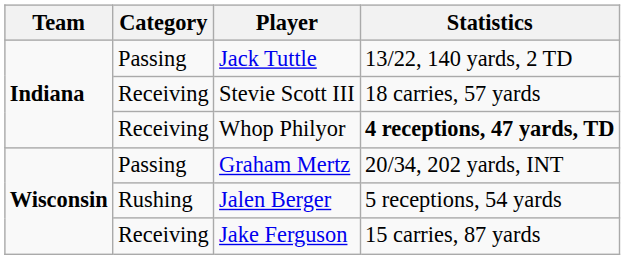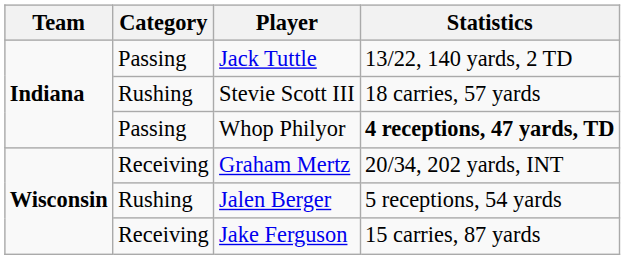 <table class="wikitable" style="float: right;">
 <tr>
 <th>Team</th>
 <th>Category</th>
 <th>Player</th>
 <th>Statistics</th>
 </tr>
 <tr>
 <td rowspan=3><strong>Indiana</strong></td>
 <td>Passing</td>
 <td><a href='#'>Jack Tuttle</a></td>
 <td>13/22, 140 yards, 2 TD</td>
 </tr>
 <tr>
-<td>Receiving</td>
+<td>Rushing</td>
 <td>Stevie Scott III</td>
 <td>18 carries, 57 yards</td>
 </tr>
 <tr>
-<td>Receiving</td>
+<td>Passing</td>
 <td>Whop Philyor</td>
 <td><strong>4 receptions, 47 yards, TD</strong></td>
 </tr>
 <tr>
 <td rowspan=3><strong>Wisconsin</strong></td>
-<td>Passing</td>
+<td>Receiving</td>
 <td><a href='#'>Graham Mertz</a></td>
 <td>20/34, 202 yards, INT</td>
 </tr>
 <tr>
 <td>Rushing</td>
 <td><a href='#'>Jalen Berger</a></td>
 <td>5 receptions, 54 yards</td>
 </tr>
 <tr>
 <td>Receiving</td>
 <td><a href='#'>Jake Ferguson</a></td>
 <td>15 carries, 87 yards</td>
 </tr>
 </table>
